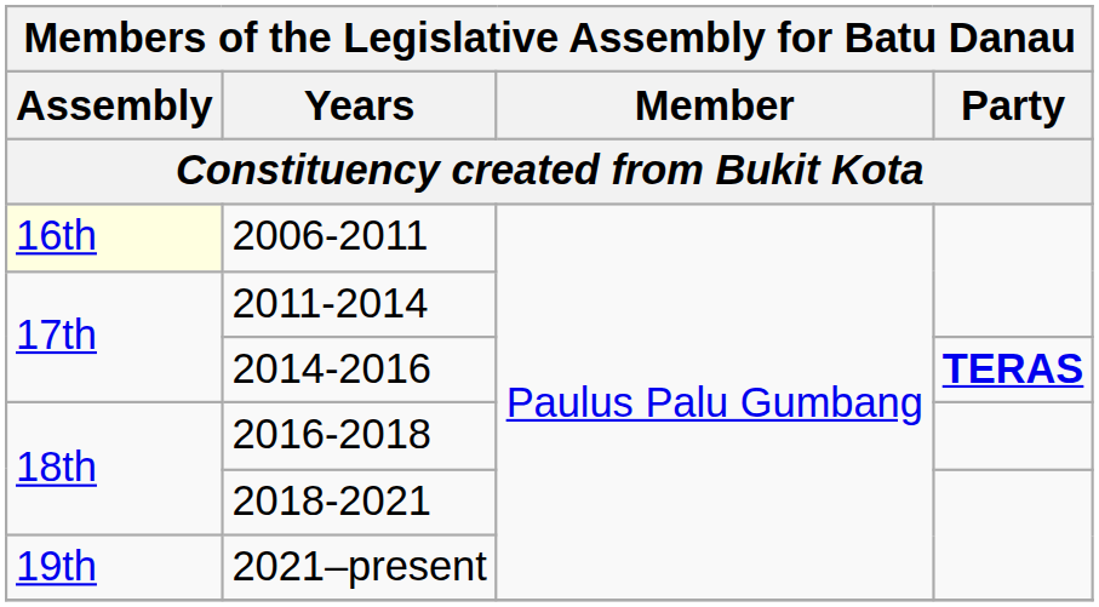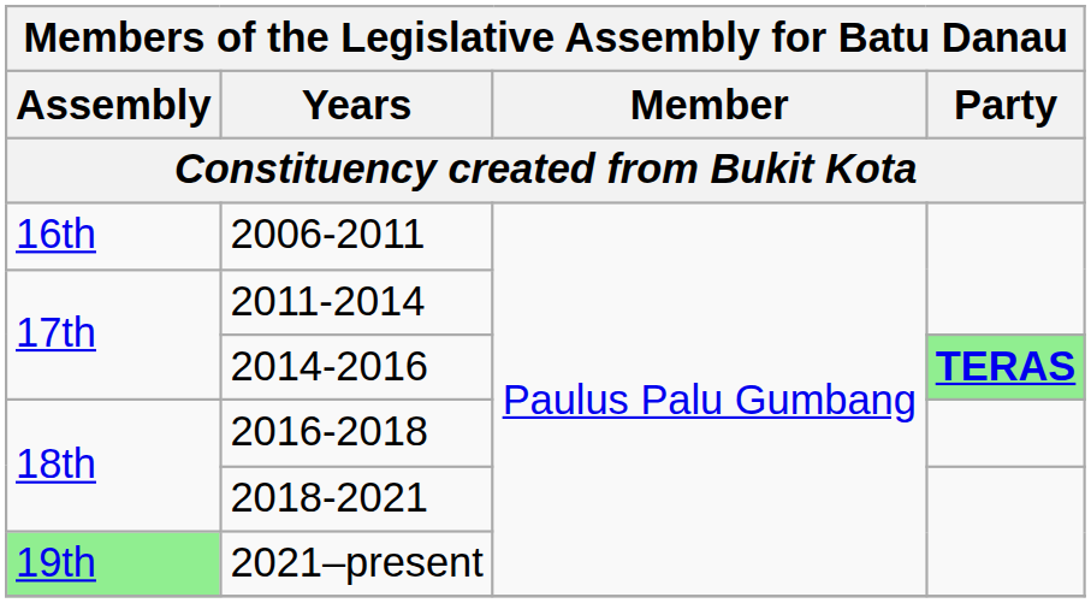 <table class=wikitable>
 <tr>
 <th colspan="4">Members of the Legislative Assembly for Batu Danau</th>
 </tr>
 <tr>
 <th>Assembly</th>
 <th>Years</th>
 <th>Member</th>
 <th>Party</th>
 </tr>
 <tr>
 <th colspan=4 align=center><em>Constituency created from Bukit Kota</em></th>
 </tr>
 <tr>
-<td style="background: lightyellow;"><a href='#'>16th</a></td>
+<td><a href='#'>16th</a></td>
 <td>2006-2011</td>
 <td rowspan="6"><a href='#'>Paulus Palu Gumbang</a></td>
 <td rowspan=2></td>
 </tr>
 <tr>
 <td rowspan=2><a href='#'>17th</a></td>
 <td>2011-2014</td>
 </tr>
 <tr>
 <td>2014-2016</td>
-<td><strong><a href='#'>TERAS</a></strong></td>
+<td style="background: lightgreen;"><strong><a href='#'>TERAS</a></strong></td>
 </tr>
 <tr>
 <td rowspan="2"><a href='#'>18th</a></td>
 <td>2016-2018</td>
 <td></td>
 </tr>
 <tr>
 <td>2018-2021</td>
 <td rowspan="2"></td>
 </tr>
 <tr>
-<td><a href='#'>19th</a></td>
+<td style="background: lightgreen;"><a href='#'>19th</a></td>
 <td>2021–present</td>
 </tr>
 <tr>
 </tr>
 </table>
